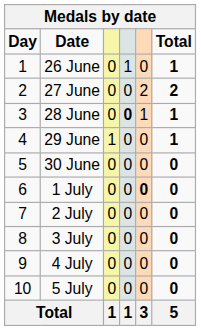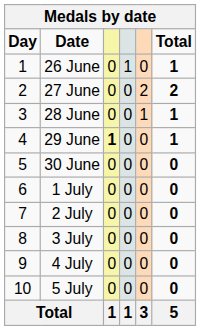 <table class="wikitable" style="font-size:85%; text-align:center;">
 <tr style="background:#efefef;">
 <th colspan=6><strong>Medals by date</strong></th>
 </tr>
 <tr>
 <td><strong>Day</strong></td>
 <td><strong>Date</strong></td>
 <td style="background:#F7F6A8;"></td>
 <td style="background:#DCE5E5;"></td>
 <td style="background:#FFDAB9;"></td>
 <td><strong>Total</strong></td>
 </tr>
 <tr>
 <td>1</td>
 <td>26 June</td>
 <td style="background:#F7F6A8;">0</td>
 <td style="background:#DCE5E5;">1</td>
 <td style="background:#FFDAB9;">0</td>
 <td><strong>1</strong></td>
 </tr>
 <tr>
 <td>2</td>
 <td>27 June</td>
 <td style="background:#F7F6A8;">0</td>
 <td style="background:#DCE5E5;">0</td>
 <td style="background:#FFDAB9;">2</td>
 <td><strong>2</strong></td>
 </tr>
 <tr>
 <td>3</td>
 <td>28 June</td>
 <td style="background:#F7F6A8;">0</td>
-<td style="background:#DCE5E5;"><strong>0</strong></td>
+<td style="background:#DCE5E5;">0</td>
 <td style="background:#FFDAB9;">1</td>
 <td><strong>1</strong></td>
 </tr>
 <tr>
 <td>4</td>
 <td>29 June</td>
-<td style="background:#F7F6A8;">1</td>
+<td style="background:#F7F6A8;"><strong>1</strong></td>
 <td style="background:#DCE5E5;">0</td>
 <td style="background:#FFDAB9;">0</td>
 <td><strong>1</strong></td>
 </tr>
 <tr>
 <td>5</td>
 <td>30 June</td>
 <td style="background:#F7F6A8;">0</td>
 <td style="background:#DCE5E5;">0</td>
 <td style="background:#FFDAB9;">0</td>
 <td><strong>0</strong></td>
 </tr>
 <tr>
 <td>6</td>
 <td>1 July</td>
 <td style="background:#F7F6A8;">0</td>
 <td style="background:#DCE5E5;">0</td>
-<td style="background:#FFDAB9;"><strong>0</strong></td>
+<td style="background:#FFDAB9;">0</td>
 <td><strong>0</strong></td>
 </tr>
 <tr>
 <td>7</td>
 <td>2 July</td>
 <td style="background:#F7F6A8;">0</td>
 <td style="background:#DCE5E5;">0</td>
 <td style="background:#FFDAB9;">0</td>
 <td><strong>0</strong></td>
 </tr>
 <tr>
 <td>8</td>
 <td>3 July</td>
 <td style="background:#F7F6A8;">0</td>
 <td style="background:#DCE5E5;">0</td>
 <td style="background:#FFDAB9;">0</td>
 <td><strong>0</strong></td>
 </tr>
 <tr>
 <td>9</td>
 <td>4 July</td>
 <td style="background:#F7F6A8;">0</td>
 <td style="background:#DCE5E5;">0</td>
 <td style="background:#FFDAB9;">0</td>
 <td><strong>0</strong></td>
 </tr>
 <tr>
 <td>10</td>
 <td>5 July</td>
 <td style="background:#F7F6A8;">0</td>
 <td style="background:#DCE5E5;">0</td>
 <td style="background:#FFDAB9;">0</td>
 <td><strong>0</strong></td>
 </tr>
 <tr>
 <th colspan="2">Total</th>
 <th>1</th>
 <th>1</th>
 <th>3</th>
 <th>5</th>
 </tr>
 </table>
